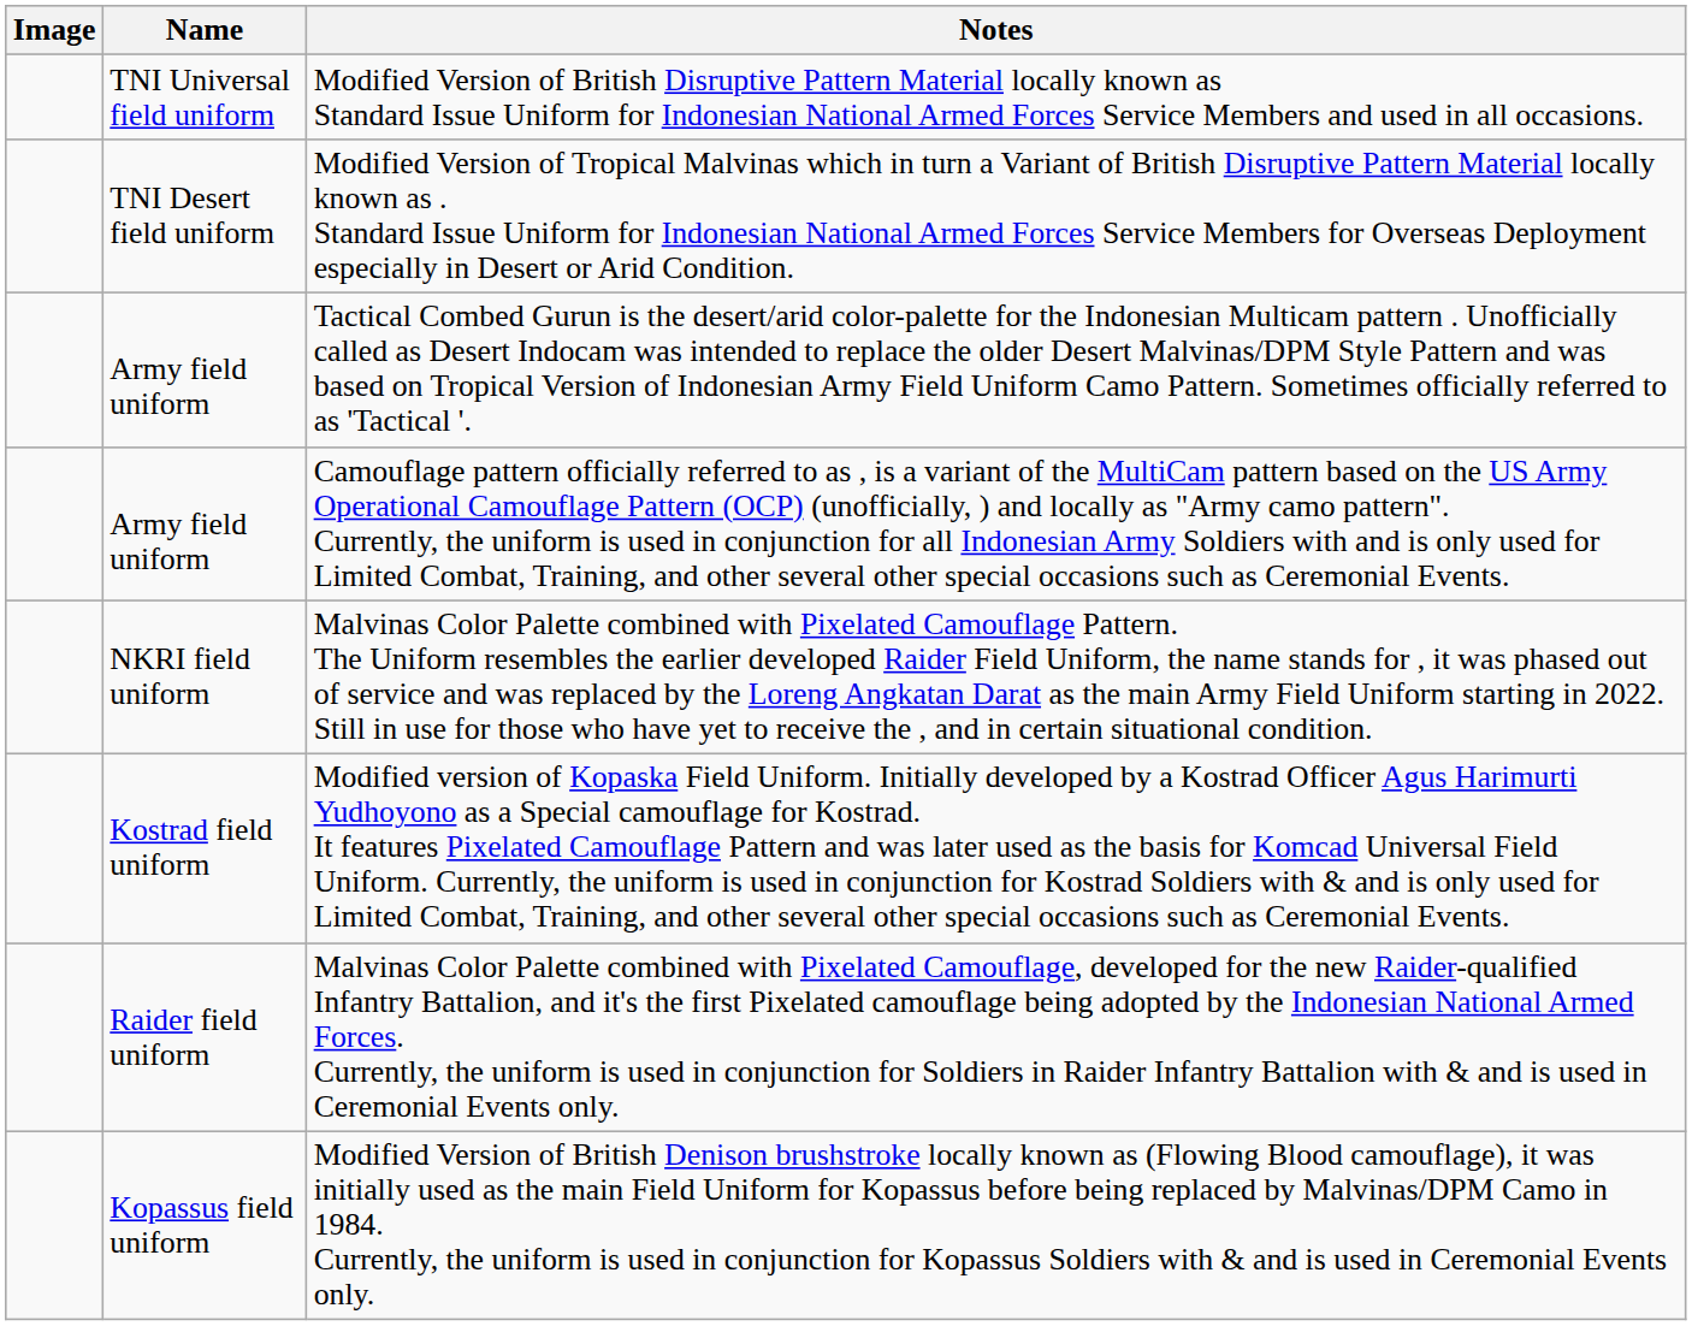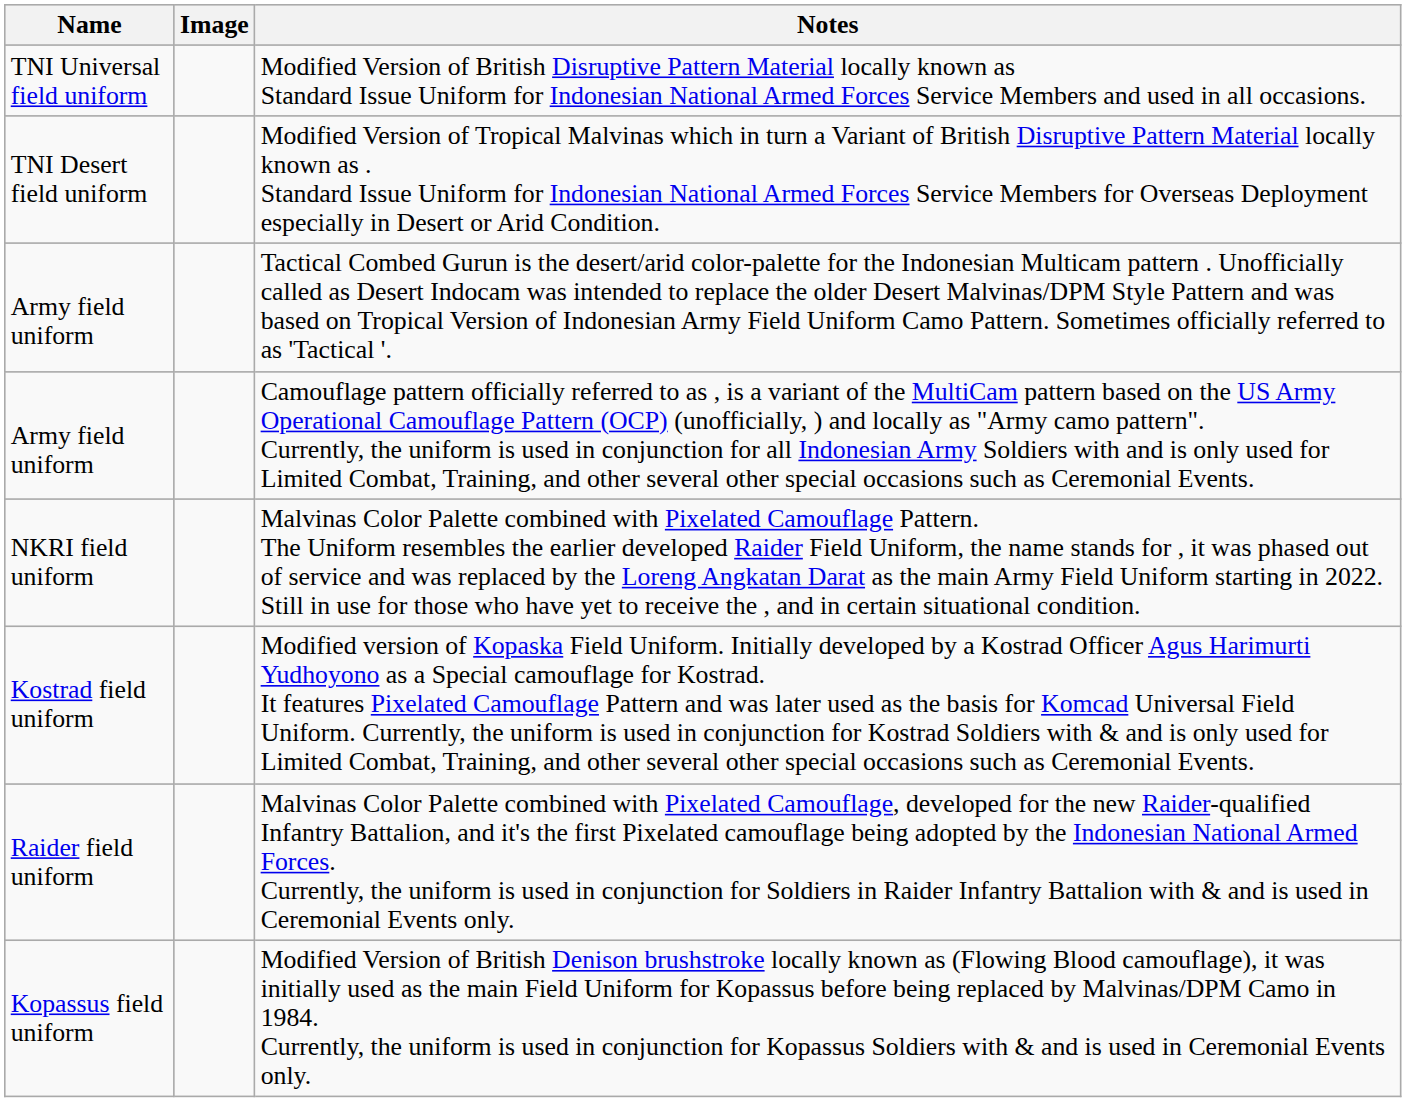 <table class="wikitable">
 <tr>
+<th>Name</th>
 <th>Image</th>
-<th>Name</th>
 <th>Notes</th>
 </tr>
 <tr>
+<td>TNI Universal <a href='#'>field uniform</a></td>
 <td></td>
-<td>TNI Universal <a href='#'>field uniform</a></td>
 <td>Modified Version of British <a href='#'>Disruptive Pattern Material</a> locally known as <br>Standard Issue Uniform for <a href='#'>Indonesian National Armed Forces</a> Service Members and used in all occasions.</td>
 </tr>
 <tr>
+<td>TNI Desert field uniform</td>
 <td></td>
-<td>TNI Desert field uniform</td>
 <td>Modified Version of Tropical Malvinas which in turn a Variant of British <a href='#'>Disruptive Pattern Material</a> locally known as .<br>Standard Issue Uniform for <a href='#'>Indonesian National Armed Forces</a> Service Members for Overseas Deployment especially in Desert or Arid Condition.</td>
 </tr>
 <tr>
+<td><br>Army field uniform</td>
 <td></td>
-<td><br>Army field uniform</td>
 <td>Tactical Combed Gurun is the desert/arid color-palette for the Indonesian Multicam pattern . Unofficially called as Desert Indocam was intended to replace the older Desert Malvinas/DPM Style Pattern and was based on Tropical Version of Indonesian Army Field Uniform Camo Pattern. Sometimes officially referred to as 'Tactical '.</td>
 </tr>
 <tr>
+<td><br>Army field uniform</td>
 <td></td>
-<td><br>Army field uniform</td>
 <td>Camouflage pattern officially referred to as , is a variant of the <a href='#'>MultiCam</a> pattern based on the <a href='#'>US Army Operational Camouflage Pattern (OCP)</a> (unofficially, ) and locally as  "Army camo pattern".<br>Currently, the uniform is used in conjunction for all <a href='#'>Indonesian Army</a> Soldiers with  and is only used for Limited Combat, Training, and other several other special occasions such as Ceremonial Events.</td>
 </tr>
 <tr>
+<td>NKRI field uniform</td>
 <td></td>
-<td>NKRI field uniform</td>
 <td>Malvinas Color Palette combined with <a href='#'>Pixelated Camouflage</a> Pattern.<br>The Uniform resembles the earlier developed <a href='#'>Raider</a> Field Uniform, the name stands for , it was phased out of service and was replaced by the <a href='#'>Loreng Angkatan Darat</a> as the main Army Field Uniform starting in 2022. Still in use for those who have yet to receive the , and in certain situational condition.</td>
 </tr>
 <tr>
+<td><a href='#'>Kostrad</a> field uniform</td>
 <td></td>
-<td><a href='#'>Kostrad</a> field uniform</td>
 <td>Modified version of <a href='#'>Kopaska</a> Field Uniform. Initially developed by a Kostrad Officer <a href='#'>Agus Harimurti Yudhoyono</a> as a Special camouflage for Kostrad.<br>It features <a href='#'>Pixelated Camouflage</a> Pattern and was later used as the basis for <a href='#'>Komcad</a> Universal Field Uniform. Currently, the uniform is used in conjunction for Kostrad Soldiers with  &  and is only used for Limited Combat, Training, and other several other special occasions such as Ceremonial Events.</td>
 </tr>
 <tr>
+<td><a href='#'>Raider</a> field uniform</td>
 <td></td>
-<td><a href='#'>Raider</a> field uniform</td>
 <td>Malvinas Color Palette combined with <a href='#'>Pixelated Camouflage</a>, developed for the new <a href='#'>Raider</a>-qualified Infantry Battalion, and it's the first Pixelated camouflage being adopted by the <a href='#'>Indonesian National Armed Forces</a>.<br>Currently, the uniform is used in conjunction for Soldiers in Raider Infantry Battalion with  &  and is used in Ceremonial Events only.</td>
 </tr>
 <tr>
+<td><a href='#'>Kopassus</a> field uniform</td>
 <td></td>
-<td><a href='#'>Kopassus</a> field uniform</td>
 <td>Modified Version of British <a href='#'>Denison brushstroke</a> locally known as  (Flowing Blood camouflage), it was initially used as the main Field Uniform for Kopassus before being replaced by Malvinas/DPM Camo in 1984.<br>Currently, the uniform is used in conjunction for Kopassus Soldiers with  &  and is used in Ceremonial Events only.</td>
 </tr>
 </table>
